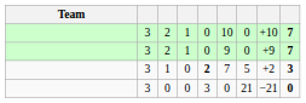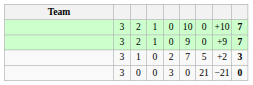 <table class="wikitable" style="text-align: center;">
 <tr>
 <th width="175">Team</th>
 <th width="20"></th>
 <th width="20"></th>
 <th width="20"></th>
 <th width="20"></th>
 <th width="20"></th>
 <th width="20"></th>
 <th width="20"></th>
 <th width="20"></th>
 </tr>
 <tr bgcolor=ccffcc>
 <td align=left><em></em></td>
 <td>3</td>
 <td>2</td>
 <td>1</td>
 <td>0</td>
 <td>10</td>
 <td>0</td>
 <td>+10</td>
 <td><strong>7</strong></td>
 </tr>
 <tr bgcolor=ccffcc>
 <td align=left></td>
 <td>3</td>
 <td>2</td>
 <td>1</td>
 <td>0</td>
 <td>9</td>
 <td>0</td>
 <td>+9</td>
 <td><strong>7</strong></td>
 </tr>
 <tr bgcolor=>
 <td align=left></td>
 <td>3</td>
 <td>1</td>
 <td>0</td>
-<td><strong>2</strong></td>
+<td>2</td>
 <td>7</td>
 <td>5</td>
 <td>+2</td>
 <td><strong>3</strong></td>
 </tr>
 <tr bgcolor=>
 <td align=left></td>
 <td>3</td>
 <td>0</td>
 <td>0</td>
 <td>3</td>
 <td>0</td>
 <td>21</td>
 <td>−21</td>
 <td><strong>0</strong></td>
 </tr>
 </table>
